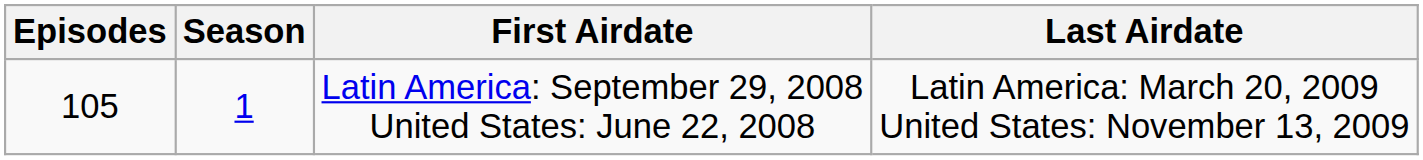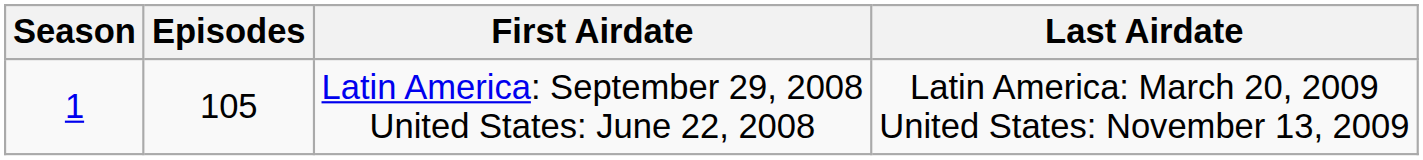 <table class="wikitable">
 <tr>
+<th>Season</th>
 <th>Episodes</th>
-<th>Season</th>
 <th>First Airdate</th>
 <th>Last Airdate</th>
 </tr>
 <tr>
+<td style="text-align: center; top"><a href='#'>1</a></td>
 <td style="text-align: center; top">105</td>
-<td style="text-align: center; top"><a href='#'>1</a></td>
 <td style="text-align: center; top"><a href='#'>Latin America</a>: September 29, 2008<br> United States: June 22, 2008</td>
 <td style="text-align: center; top">Latin America: March 20, 2009<br>United States: November 13, 2009</td>
 </tr>
 </table>
